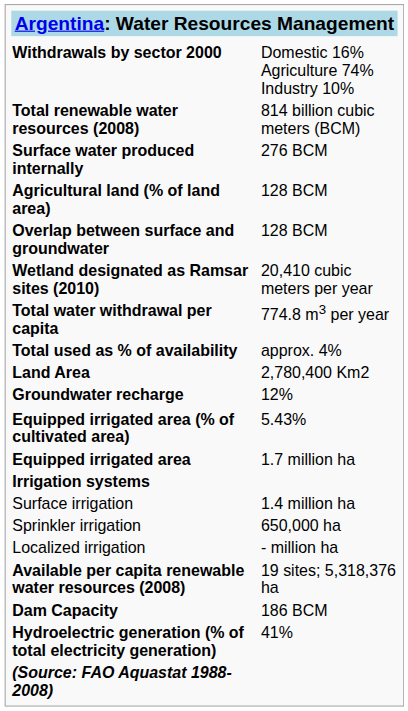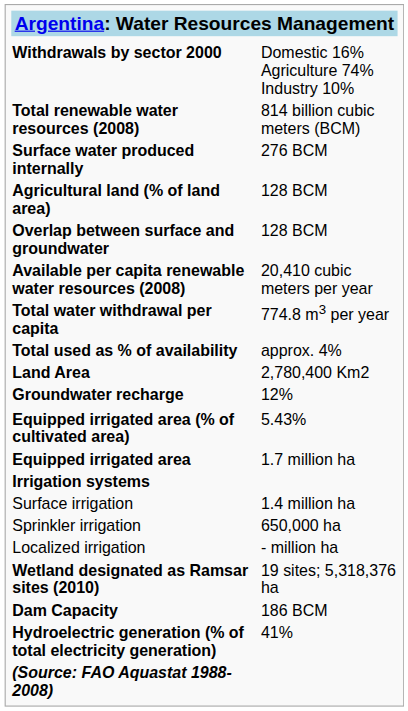 <table style="width: 25em; font-size: 90%; text-align: left;" class="infobox">
 <tr>
 <th align="center" bgcolor="lightblue" colspan="2"><big><a href='#'>Argentina</a>: Water Resources Management</big></th>
 </tr>
 <tr>
 <td colspan="2" style="text-align:center;"></td>
 </tr>
 <tr>
 <th align="left" valign="top">Withdrawals by sector 2000</th>
 <td valign="top">Domestic 16%<br>Agriculture 74%<br>Industry 10%</td>
 </tr>
 <tr>
 <th align="left" valign="top">Total renewable water resources (2008)</th>
 <td valign="top">814 billion cubic meters (BCM)</td>
 </tr>
 <tr>
 <th align="left" valign="top">Surface water produced internally</th>
 <td valign="top">276 BCM</td>
 </tr>
 <tr>
 <th align="left" valign="top">Agricultural land (% of land area)</th>
 <td valign="top">128 BCM</td>
 </tr>
 <tr>
 <th align="left" valign="top">Overlap between surface and groundwater</th>
 <td valign="top">128 BCM</td>
 </tr>
 <tr>
-<th align="left" valign="top">Wetland designated as Ramsar sites (2010)</th>
+<th align="left" valign="top">Available per capita renewable water resources (2008) </th>
 <td valign="top">20,410 cubic meters per year</td>
 </tr>
 <tr>
 <th align="left" valign="top">Total water withdrawal per capita</th>
 <td valign="top">774.8 m<sup>3</sup> per year</td>
 </tr>
 <tr>
 <th align="left" valign="top">Total used as % of availability</th>
 <td valign="top">approx. 4%</td>
 </tr>
 <tr>
 <th align="left" valign="top">Land Area</th>
 <td valign="top">2,780,400 Km2</td>
 </tr>
 <tr>
 <th align="left" valign="top">Groundwater recharge</th>
 <td valign="top">12%</td>
 </tr>
 <tr>
 </tr>
 <tr>
 <th align="left" valign="top">Equipped irrigated area (% of cultivated area)</th>
 <td valign="top">5.43%</td>
 </tr>
 <tr>
 <th align="left" valign="top">Equipped irrigated area</th>
 <td valign="top">1.7 million ha</td>
 </tr>
 <tr>
 <th align="left" valign="top">Irrigation systems</th>
 </tr>
 <tr>
 <td align="left" valign="top">Surface irrigation</td>
 <td valign="top">1.4 million ha</td>
 </tr>
 <tr>
 <td align="left" valign="top">Sprinkler irrigation</td>
 <td valign="top">650,000 ha</td>
 </tr>
 <tr>
 <td align="left" valign="top">Localized irrigation</td>
 <td valign="top">- million ha</td>
 </tr>
 <tr>
-<th align="left" valign="top">Available per capita renewable water resources (2008) </th>
+<th align="left" valign="top">Wetland designated as Ramsar sites (2010)</th>
 <td valign="top">19 sites; 5,318,376 ha</td>
 </tr>
 <tr>
 <th align="left" valign="top">Dam Capacity</th>
 <td valign="top">186 BCM</td>
 </tr>
 <tr>
 <th align="left" valign="top">Hydroelectric generation (% of total electricity generation)</th>
 <td valign="top">41%</td>
 </tr>
 <tr>
 <th><em>(Source: FAO Aquastat 1988-2008)</em></th>
 </tr>
 </table>
